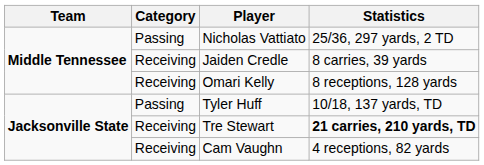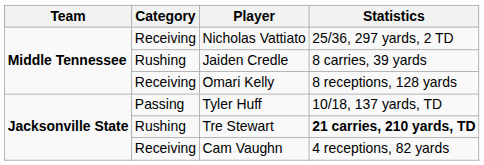 <table class="wikitable" style="float: right;">
 <tr>
 <th>Team</th>
 <th>Category</th>
 <th>Player</th>
 <th>Statistics</th>
 </tr>
 <tr>
 <td rowspan=3><strong>Middle Tennessee</strong></td>
-<td>Passing</td>
+<td>Receiving</td>
 <td>Nicholas Vattiato</td>
 <td>25/36, 297 yards, 2 TD</td>
 </tr>
 <tr>
-<td>Receiving</td>
+<td>Rushing</td>
 <td>Jaiden Credle</td>
 <td>8 carries, 39 yards</td>
 </tr>
 <tr>
 <td>Receiving</td>
 <td>Omari Kelly</td>
 <td>8 receptions, 128 yards</td>
 </tr>
 <tr>
 <td rowspan=3><strong>Jacksonville State</strong></td>
 <td>Passing</td>
 <td>Tyler Huff</td>
 <td>10/18, 137 yards, TD</td>
 </tr>
 <tr>
-<td>Receiving</td>
+<td>Rushing</td>
 <td>Tre Stewart</td>
 <td><strong>21 carries, 210 yards, TD</strong></td>
 </tr>
 <tr>
 <td>Receiving</td>
 <td>Cam Vaughn</td>
 <td>4 receptions, 82 yards</td>
 </tr>
 </table>
